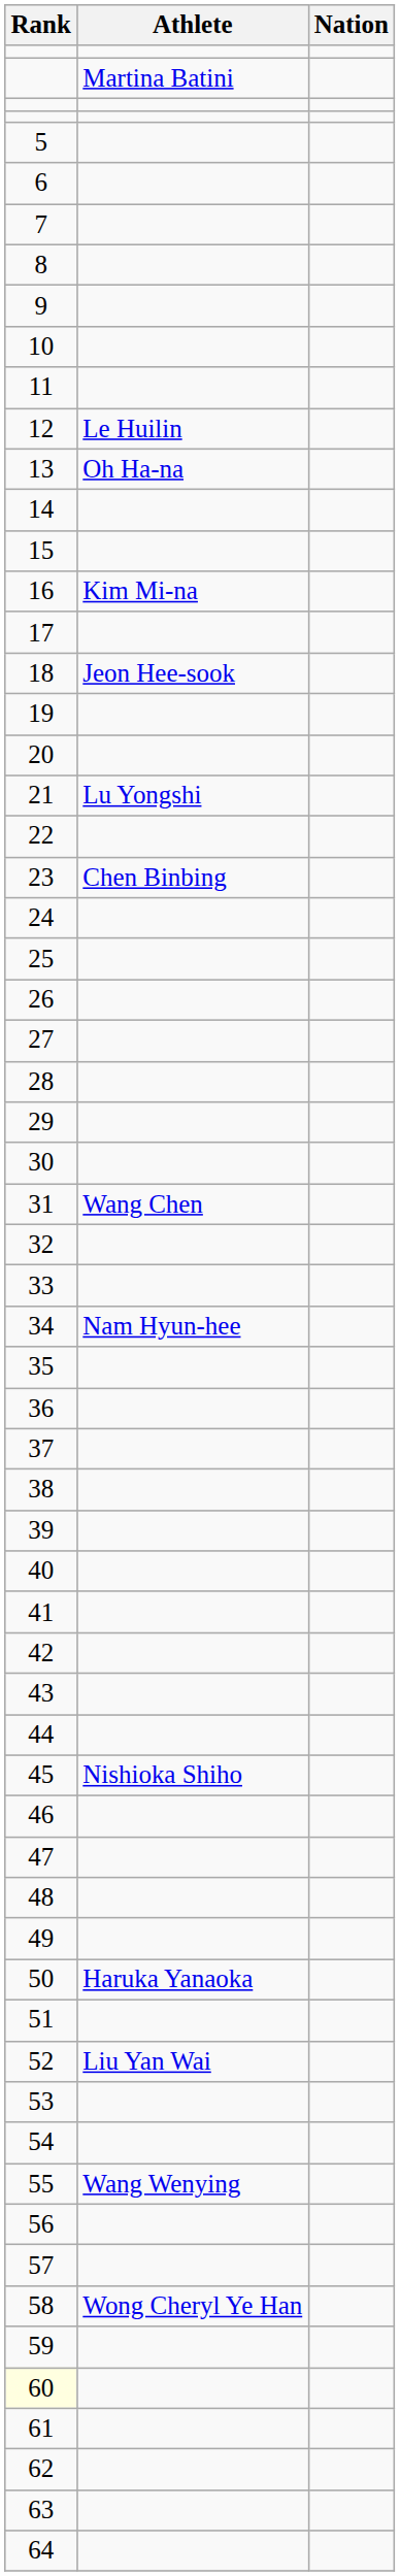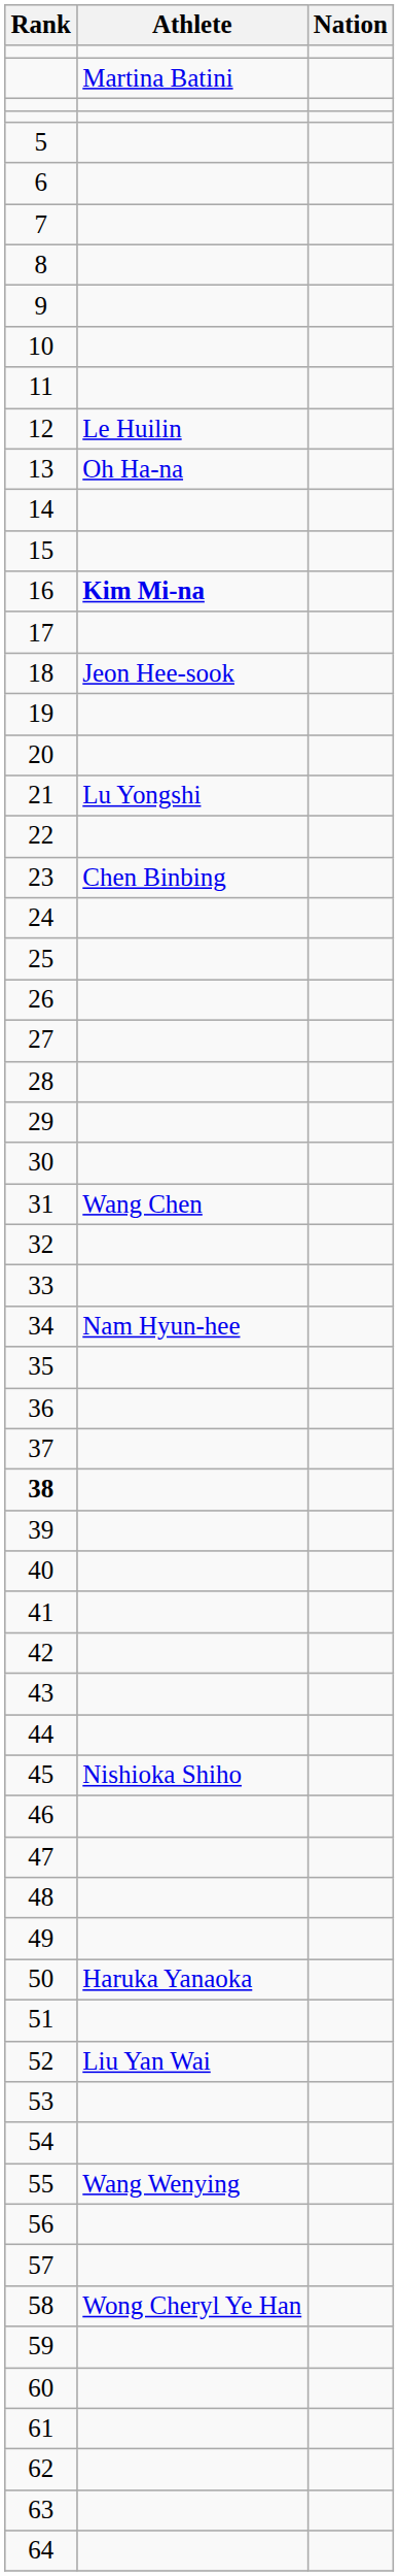 <table class="wikitable sortable" style="text-align:left">
 <tr>
 <th>Rank</th>
 <th>Athlete</th>
 <th>Nation</th>
 </tr>
 <tr>
 <td align="center"></td>
 <td></td>
 <td></td>
 </tr>
 <tr>
 <td align="center"></td>
 <td><a href='#'>Martina Batini</a></td>
 <td></td>
 </tr>
 <tr>
 <td align="center"></td>
 <td></td>
 <td></td>
 </tr>
 <tr>
 <td align="center"></td>
 <td></td>
 <td></td>
 </tr>
 <tr>
 <td align="center">5</td>
 <td></td>
 <td></td>
 </tr>
 <tr>
 <td align="center">6</td>
 <td></td>
 <td></td>
 </tr>
 <tr>
 <td align="center">7</td>
 <td></td>
 <td></td>
 </tr>
 <tr>
 <td align="center">8</td>
 <td></td>
 <td></td>
 </tr>
 <tr>
 <td align="center">9</td>
 <td></td>
 <td></td>
 </tr>
 <tr>
 <td align="center">10</td>
 <td></td>
 <td></td>
 </tr>
 <tr>
 <td align="center">11</td>
 <td></td>
 <td></td>
 </tr>
 <tr>
 <td align="center">12</td>
 <td><a href='#'>Le Huilin</a></td>
 <td></td>
 </tr>
 <tr>
 <td align="center">13</td>
 <td><a href='#'>Oh Ha-na</a></td>
 <td></td>
 </tr>
 <tr>
 <td align="center">14</td>
 <td></td>
 <td></td>
 </tr>
 <tr>
 <td align="center">15</td>
 <td></td>
 <td></td>
 </tr>
 <tr>
 <td align="center">16</td>
-<td><a href='#'>Kim Mi-na</a></td>
+<td><strong><a href='#'>Kim Mi-na</a></strong></td>
 <td></td>
 </tr>
 <tr>
 <td align="center">17</td>
 <td></td>
 <td></td>
 </tr>
 <tr>
 <td align="center">18</td>
 <td><a href='#'>Jeon Hee-sook</a></td>
 <td></td>
 </tr>
 <tr>
 <td align="center">19</td>
 <td></td>
 <td></td>
 </tr>
 <tr>
 <td align="center">20</td>
 <td></td>
 <td></td>
 </tr>
 <tr>
 <td align="center">21</td>
 <td><a href='#'>Lu Yongshi</a></td>
 <td></td>
 </tr>
 <tr>
 <td align="center">22</td>
 <td></td>
 <td></td>
 </tr>
 <tr>
 <td align="center">23</td>
 <td><a href='#'>Chen Binbing</a></td>
 <td></td>
 </tr>
 <tr>
 <td align="center">24</td>
 <td></td>
 <td></td>
 </tr>
 <tr>
 <td align="center">25</td>
 <td></td>
 <td></td>
 </tr>
 <tr>
 <td align="center">26</td>
 <td></td>
 <td></td>
 </tr>
 <tr>
 <td align="center">27</td>
 <td></td>
 <td></td>
 </tr>
 <tr>
 <td align="center">28</td>
 <td></td>
 <td></td>
 </tr>
 <tr>
 <td align="center">29</td>
 <td></td>
 <td></td>
 </tr>
 <tr>
 <td align="center">30</td>
 <td></td>
 <td></td>
 </tr>
 <tr>
 <td align="center">31</td>
 <td><a href='#'>Wang Chen</a></td>
 <td></td>
 </tr>
 <tr>
 <td align="center">32</td>
 <td></td>
 <td></td>
 </tr>
 <tr>
 <td align="center">33</td>
 <td></td>
 <td></td>
 </tr>
 <tr>
 <td align="center">34</td>
 <td><a href='#'>Nam Hyun-hee</a></td>
 <td></td>
 </tr>
 <tr>
 <td align="center">35</td>
 <td></td>
 <td></td>
 </tr>
 <tr>
 <td align="center">36</td>
 <td></td>
 <td></td>
 </tr>
 <tr>
 <td align="center">37</td>
 <td></td>
 <td></td>
 </tr>
 <tr>
-<td align="center">38</td>
+<td align="center"><strong>38</strong></td>
 <td></td>
 <td></td>
 </tr>
 <tr>
 <td align="center">39</td>
 <td></td>
 <td></td>
 </tr>
 <tr>
 <td align="center">40</td>
 <td></td>
 <td></td>
 </tr>
 <tr>
 <td align="center">41</td>
 <td></td>
 <td></td>
 </tr>
 <tr>
 <td align="center">42</td>
 <td></td>
 <td></td>
 </tr>
 <tr>
 <td align="center">43</td>
 <td></td>
 <td></td>
 </tr>
 <tr>
 <td align="center">44</td>
 <td></td>
 <td></td>
 </tr>
 <tr>
 <td align="center">45</td>
 <td><a href='#'>Nishioka Shiho</a></td>
 <td></td>
 </tr>
 <tr>
 <td align="center">46</td>
 <td></td>
 <td></td>
 </tr>
 <tr>
 <td align="center">47</td>
 <td></td>
 <td></td>
 </tr>
 <tr>
 <td align="center">48</td>
 <td></td>
 <td></td>
 </tr>
 <tr>
 <td align="center">49</td>
 <td></td>
 <td></td>
 </tr>
 <tr>
 <td align="center">50</td>
 <td><a href='#'>Haruka Yanaoka</a></td>
 <td></td>
 </tr>
 <tr>
 <td align="center">51</td>
 <td></td>
 <td></td>
 </tr>
 <tr>
 <td align="center">52</td>
 <td><a href='#'>Liu Yan Wai</a></td>
 <td></td>
 </tr>
 <tr>
 <td align="center">53</td>
 <td></td>
 <td></td>
 </tr>
 <tr>
 <td align="center">54</td>
 <td></td>
 <td></td>
 </tr>
 <tr>
 <td align="center">55</td>
 <td><a href='#'>Wang Wenying</a></td>
 <td></td>
 </tr>
 <tr>
 <td align="center">56</td>
 <td></td>
 <td></td>
 </tr>
 <tr>
 <td align="center">57</td>
 <td></td>
 <td></td>
 </tr>
 <tr>
 <td align="center">58</td>
 <td><a href='#'>Wong Cheryl Ye Han</a></td>
 <td></td>
 </tr>
 <tr>
 <td align="center">59</td>
 <td></td>
 <td></td>
 </tr>
 <tr>
-<td align="center" style="background: lightyellow;">60</td>
+<td align="center">60</td>
 <td></td>
 <td></td>
 </tr>
 <tr>
 <td align="center">61</td>
 <td></td>
 <td></td>
 </tr>
 <tr>
 <td align="center">62</td>
 <td></td>
 <td></td>
 </tr>
 <tr>
 <td align="center">63</td>
 <td></td>
 <td></td>
 </tr>
 <tr>
 <td align="center">64</td>
 <td></td>
 <td></td>
 </tr>
 </table>
